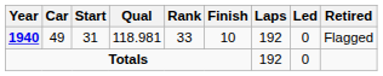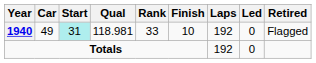 <table class="wikitable" style="text-align:center">
 <tr>
 <th>Year</th>
 <th>Car</th>
 <th>Start</th>
 <th>Qual</th>
 <th>Rank</th>
 <th>Finish</th>
 <th>Laps</th>
 <th>Led</th>
 <th>Retired</th>
 </tr>
 <tr>
 <th><a href='#'>1940</a></th>
 <td>49</td>
-<td>31</td>
+<td style="background: paleturquoise;">31</td>
 <td>118.981</td>
 <td>33</td>
 <td>10</td>
 <td>192</td>
 <td>0</td>
 <td>Flagged</td>
 </tr>
 <tr>
 <td colspan=6><strong>Totals</strong></td>
 <td>192</td>
 <td>0</td>
 <td></td>
 </tr>
 </table>
